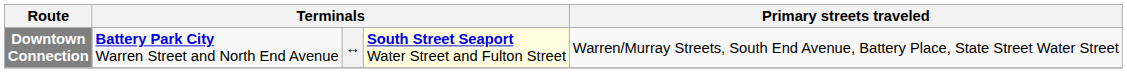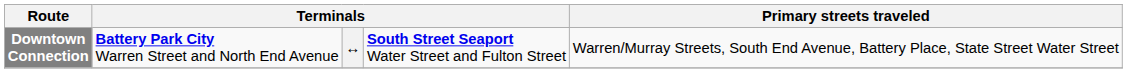 <table class=wikitable style="font-size: 100%;" |>
 <tr>
 <th>Route</th>
 <th colspan=3>Terminals</th>
 <th>Primary streets traveled</th>
 </tr>
 <tr>
 <td style="background:gray; color:white" align="center" valign=top><span><strong>Downtown<br>Connection</strong></span></td>
 <td><strong><a href='#'>Battery Park City</a></strong><br>Warren Street and North End Avenue</td>
 <th><span>↔</span></th>
-<td style="background: lightyellow;"><strong><a href='#'>South Street Seaport</a></strong><br>Water Street and Fulton Street</td>
+<td><strong><a href='#'>South Street Seaport</a></strong><br>Water Street and Fulton Street</td>
 <td>Warren/Murray Streets, South End Avenue, Battery Place, State Street Water Street</td>
 </tr>
 <tr>
 </tr>
 </table>
